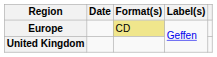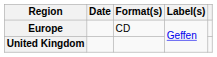 <table class="wikitable plainrowheaders">
 <tr>
 <th scope="col">Region</th>
 <th scope="col">Date</th>
 <th scope="col">Format(s)</th>
 <th scope="col">Label(s)</th>
 <th scope="col"></th>
 </tr>
 <tr>
 <th scope="row">Europe</th>
 <td></td>
-<td style="background: khaki;">CD</td>
+<td>CD</td>
 <td rowspan="2"><a href='#'>Geffen</a></td>
 <td></td>
 </tr>
 <tr>
 <th scope="row">United Kingdom</th>
 <td></td>
 <td></td>
 <td></td>
 </tr>
 </table>
